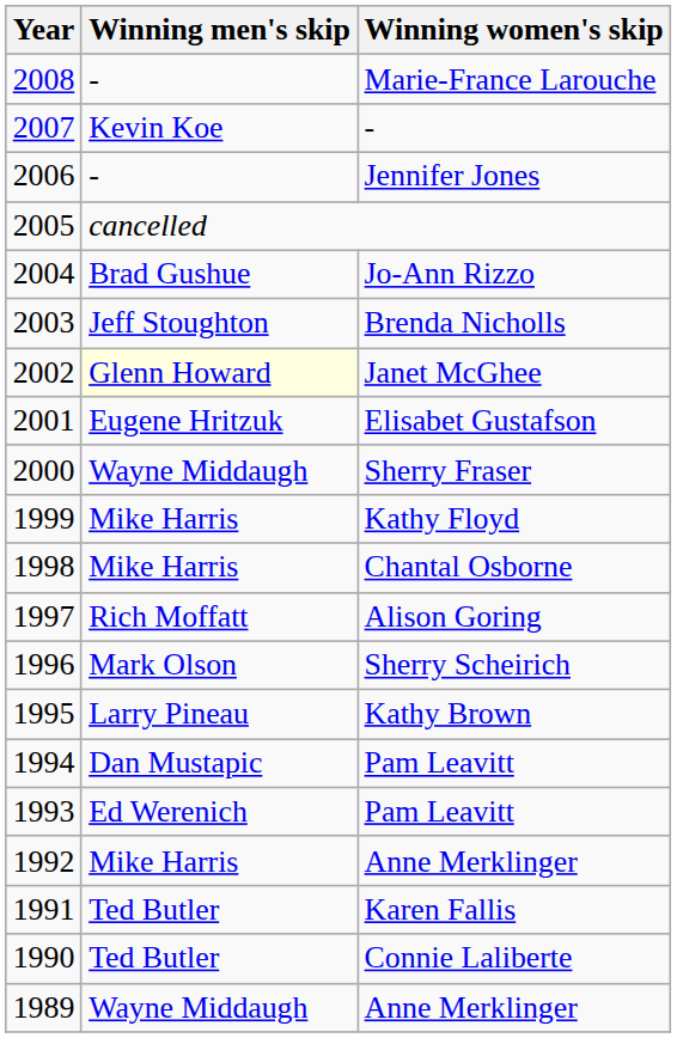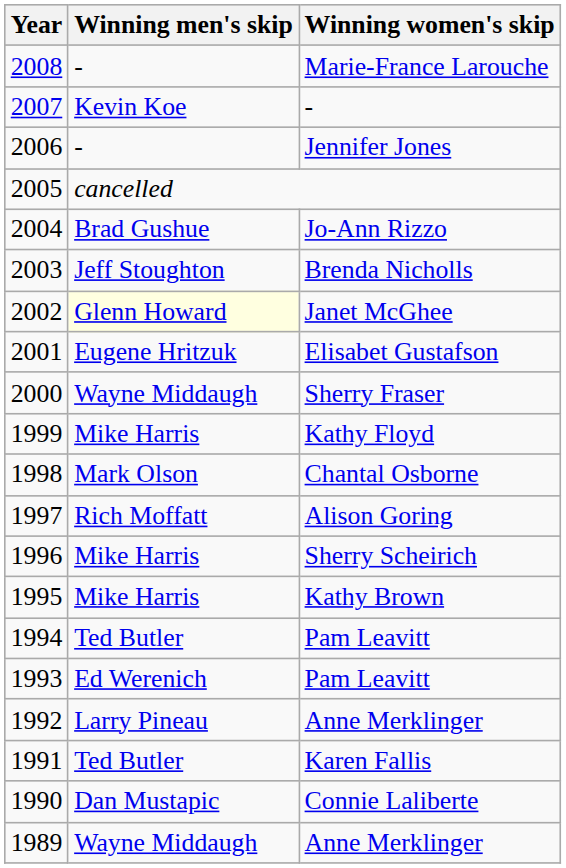 <table class="wikitable">
 <tr>
 <th>Year</th>
 <th>Winning men's skip</th>
 <th>Winning women's skip</th>
 </tr>
 <tr>
 <td><a href='#'>2008</a></td>
 <td>-</td>
 <td> <a href='#'>Marie-France Larouche</a></td>
 </tr>
 <tr>
 <td><a href='#'>2007</a></td>
 <td> <a href='#'>Kevin Koe</a></td>
 <td>-</td>
 </tr>
 <tr>
 <td>2006</td>
 <td>-</td>
 <td> <a href='#'>Jennifer Jones</a></td>
 </tr>
 <tr>
 <td>2005</td>
 <td colspan="2"><em>cancelled</em></td>
 </tr>
 <tr>
 <td>2004</td>
 <td> <a href='#'>Brad Gushue</a></td>
 <td> <a href='#'>Jo-Ann Rizzo</a></td>
 </tr>
 <tr>
 <td>2003</td>
 <td> <a href='#'>Jeff Stoughton</a></td>
 <td> <a href='#'>Brenda Nicholls</a></td>
 </tr>
 <tr>
 <td>2002</td>
 <td style="background: lightyellow;"> <a href='#'>Glenn Howard</a></td>
 <td> <a href='#'>Janet McGhee</a></td>
 </tr>
 <tr>
 <td>2001</td>
 <td> <a href='#'>Eugene Hritzuk</a></td>
 <td> <a href='#'>Elisabet Gustafson</a></td>
 </tr>
 <tr>
 <td>2000</td>
 <td> <a href='#'>Wayne Middaugh</a></td>
 <td> <a href='#'>Sherry Fraser</a></td>
 </tr>
 <tr>
 <td>1999</td>
 <td> <a href='#'>Mike Harris</a></td>
 <td> <a href='#'>Kathy Floyd</a></td>
 </tr>
 <tr>
 <td>1998</td>
-<td> <a href='#'>Mike Harris</a></td>
+<td> <a href='#'>Mark Olson</a></td>
 <td> <a href='#'>Chantal Osborne</a></td>
 </tr>
 <tr>
 <td>1997</td>
 <td> <a href='#'>Rich Moffatt</a></td>
 <td> <a href='#'>Alison Goring</a></td>
 </tr>
 <tr>
 <td>1996</td>
-<td> <a href='#'>Mark Olson</a></td>
+<td> <a href='#'>Mike Harris</a></td>
 <td> <a href='#'>Sherry Scheirich</a></td>
 </tr>
 <tr>
 <td>1995</td>
-<td> <a href='#'>Larry Pineau</a></td>
+<td> <a href='#'>Mike Harris</a></td>
 <td> <a href='#'>Kathy Brown</a></td>
 </tr>
 <tr>
 <td>1994</td>
-<td> <a href='#'>Dan Mustapic</a></td>
+<td> <a href='#'>Ted Butler</a></td>
 <td> <a href='#'>Pam Leavitt</a></td>
 </tr>
 <tr>
 <td>1993</td>
 <td> <a href='#'>Ed Werenich</a></td>
 <td> <a href='#'>Pam Leavitt</a></td>
 </tr>
 <tr>
 <td>1992</td>
-<td> <a href='#'>Mike Harris</a></td>
+<td> <a href='#'>Larry Pineau</a></td>
 <td> <a href='#'>Anne Merklinger</a></td>
 </tr>
 <tr>
 <td>1991</td>
 <td> <a href='#'>Ted Butler</a></td>
 <td> <a href='#'>Karen Fallis</a></td>
 </tr>
 <tr>
 <td>1990</td>
-<td> <a href='#'>Ted Butler</a></td>
+<td> <a href='#'>Dan Mustapic</a></td>
 <td> <a href='#'>Connie Laliberte</a></td>
 </tr>
 <tr>
 <td>1989</td>
 <td> <a href='#'>Wayne Middaugh</a></td>
 <td> <a href='#'>Anne Merklinger</a></td>
 </tr>
 </table>
